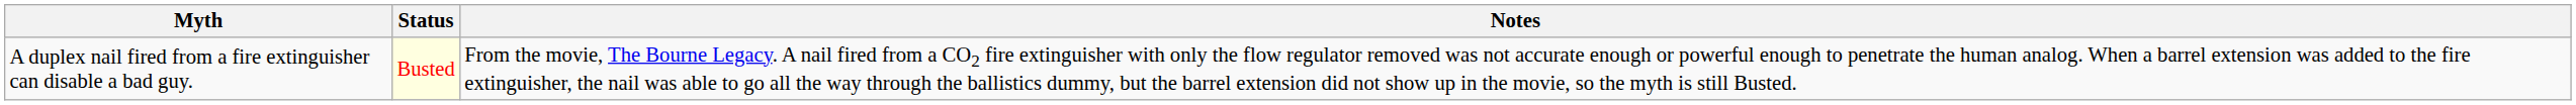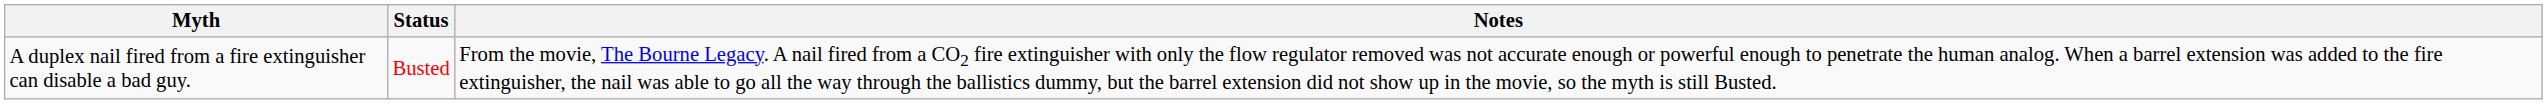 <table class="wikitable plainrowheaders">
 <tr>
 <th scope"col">Myth</th>
 <th scope"col">Status</th>
 <th scope"col">Notes</th>
 </tr>
 <tr>
 <td scope"row">A duplex nail fired from a fire extinguisher can disable a bad guy.</td>
-<td style="background: lightyellow; color:red">Busted</td>
+<td style="color:red">Busted</td>
 <td>From the movie, <a href='#'>The Bourne Legacy</a>.  A nail fired from a CO<sub>2</sub> fire extinguisher with only the flow regulator removed was not accurate enough or powerful enough to penetrate the human analog.  When a  barrel extension was added to the fire extinguisher, the nail was able to go all the way through the ballistics dummy, but the barrel extension did not show up in the movie, so the myth is still Busted.</td>
 </tr>
 </table>
